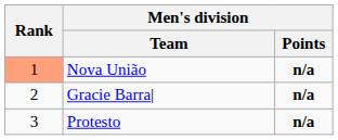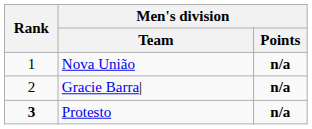 <table class="wikitable" style="text-align:center;">
 <tr>
 <th rowspan="2" width="50">Rank</th>
 <th colspan="2">Men's division</th>
 </tr>
 <tr>
 <th width="200">Team</th>
 <th width="50">Points</th>
 </tr>
 <tr>
-<td style="background: lightsalmon;">1</td>
+<td>1</td>
 <td style=text-align:left><a href='#'>Nova União</a></td>
 <td><strong>n/a</strong></td>
 </tr>
 <tr>
 <td>2</td>
 <td style=text-align:left><a href='#'>Gracie Barra</a>|</td>
 <td><strong>n/a</strong></td>
 </tr>
 <tr>
-<td>3</td>
+<td><strong>3</strong></td>
 <td style=text-align:left><a href='#'>Protesto</a></td>
 <td><strong>n/a</strong></td>
 </tr>
 </table>
